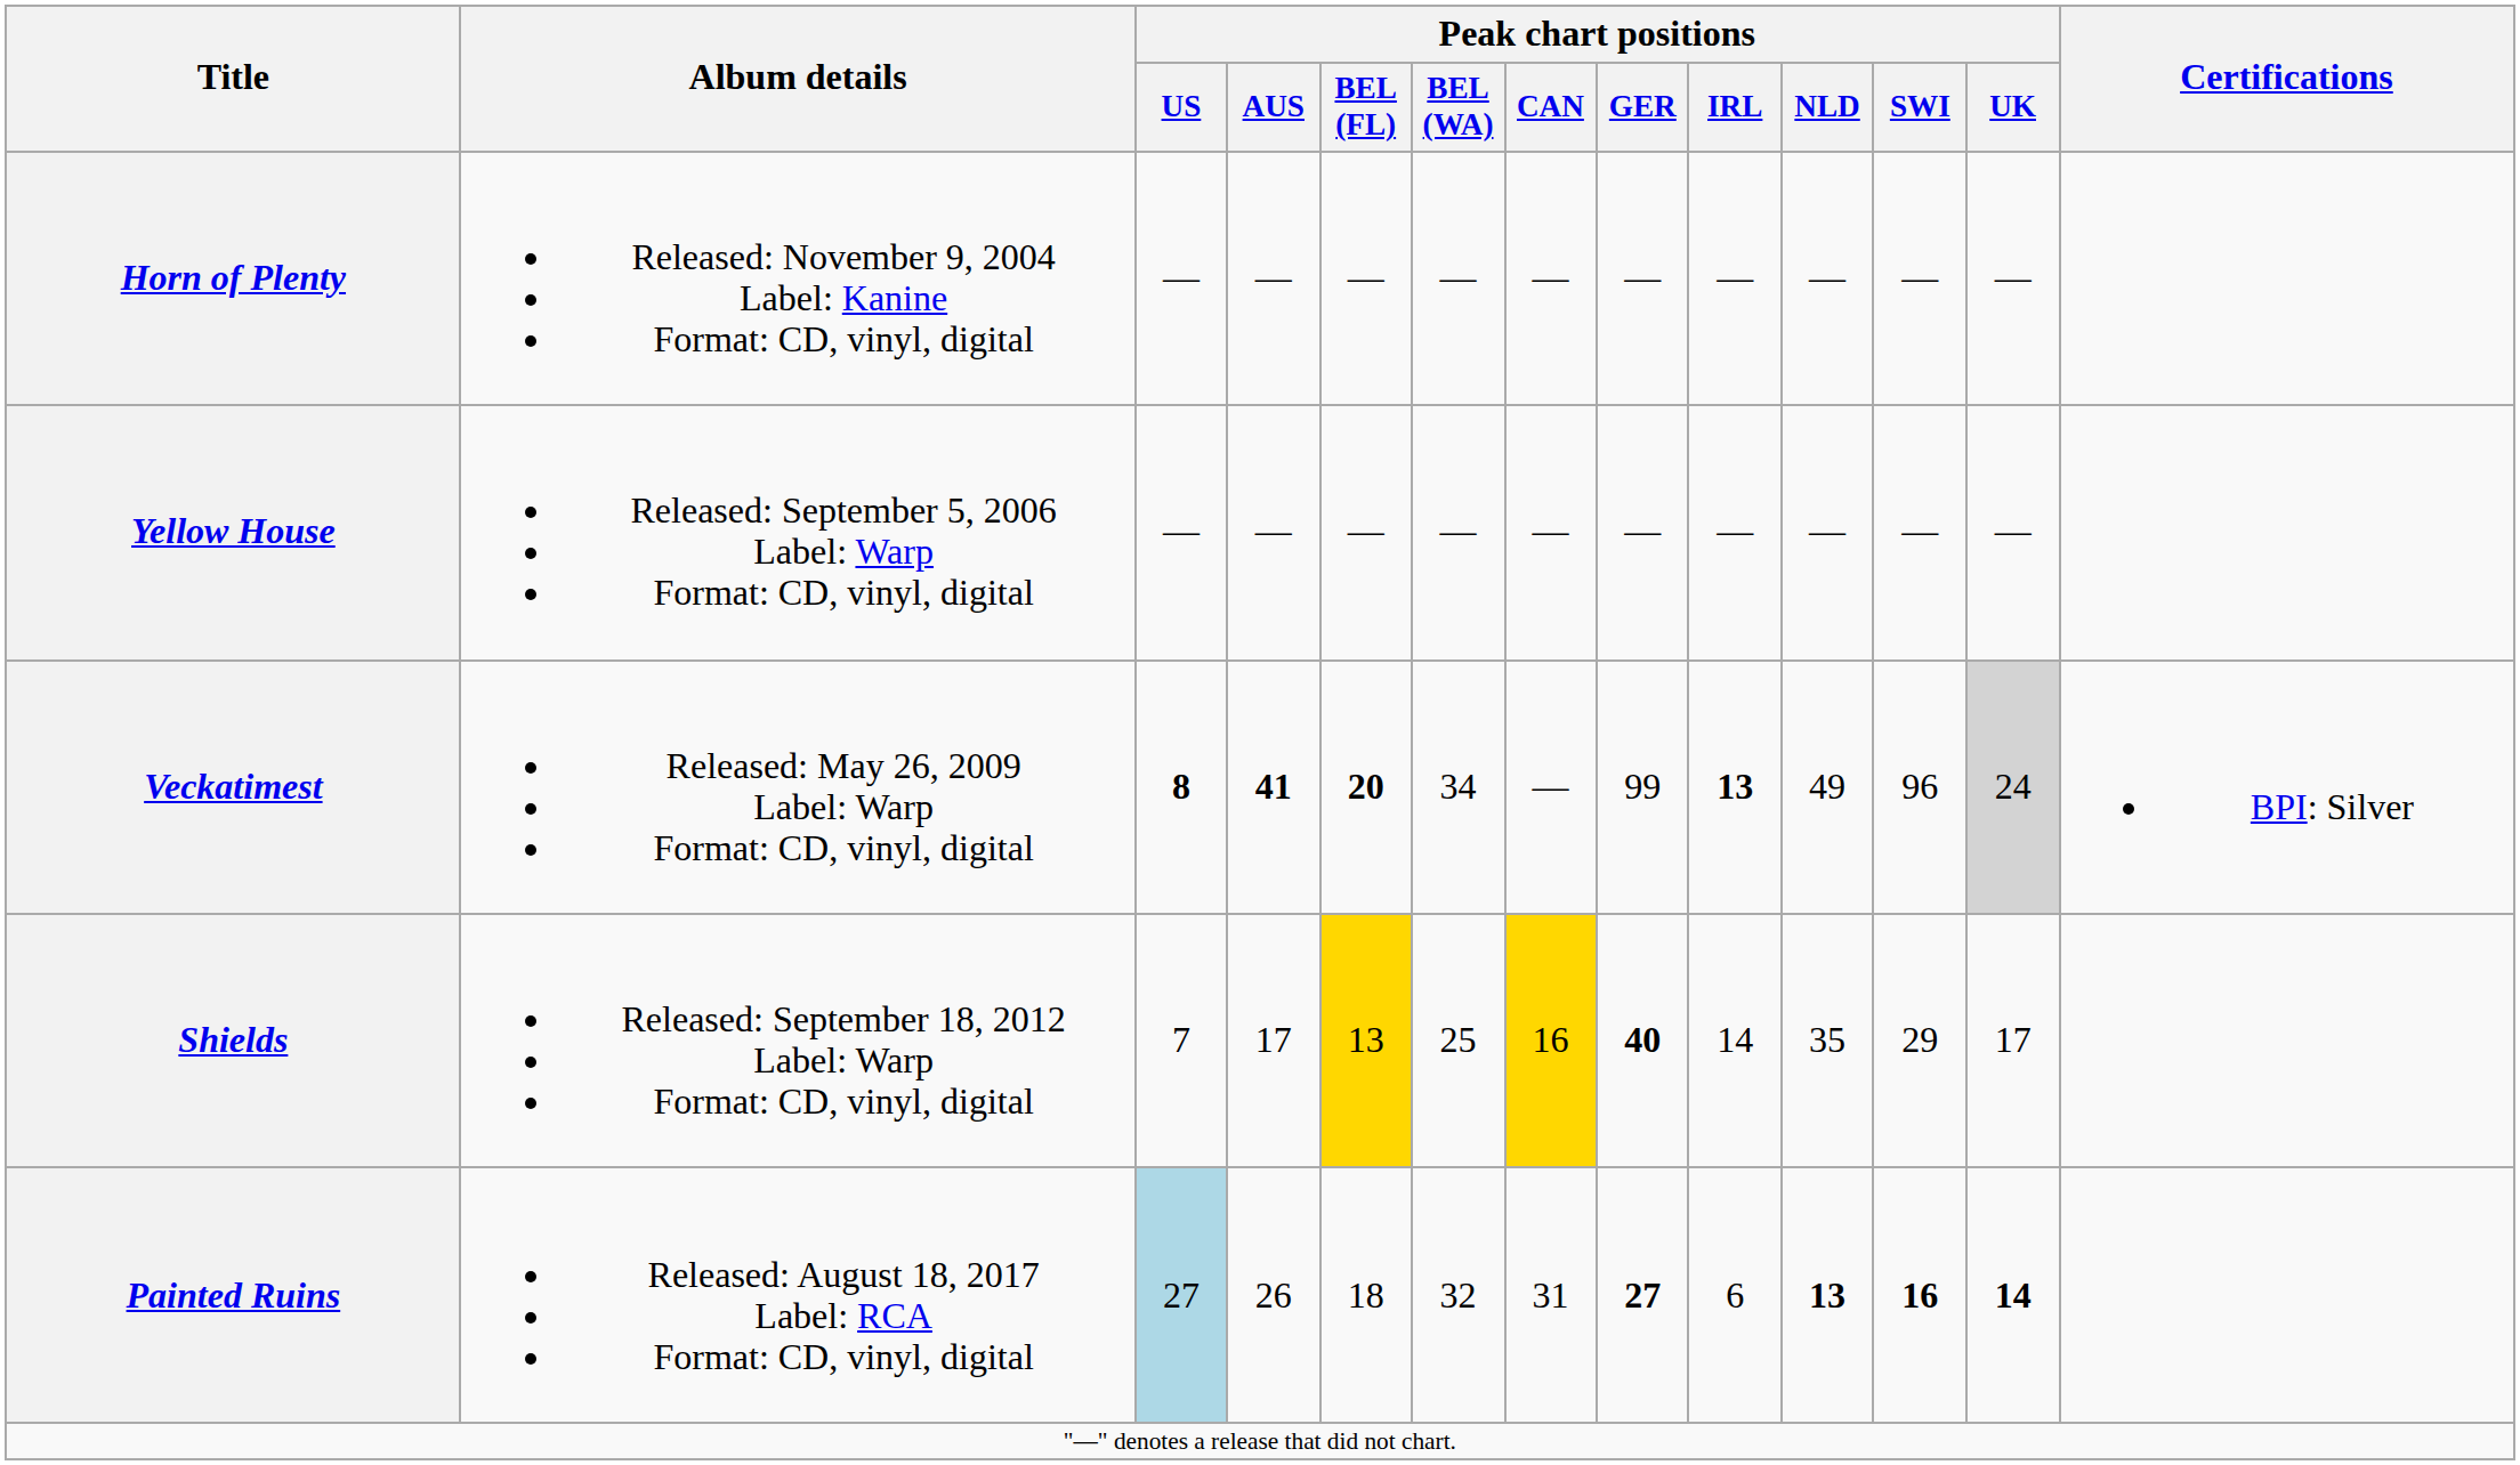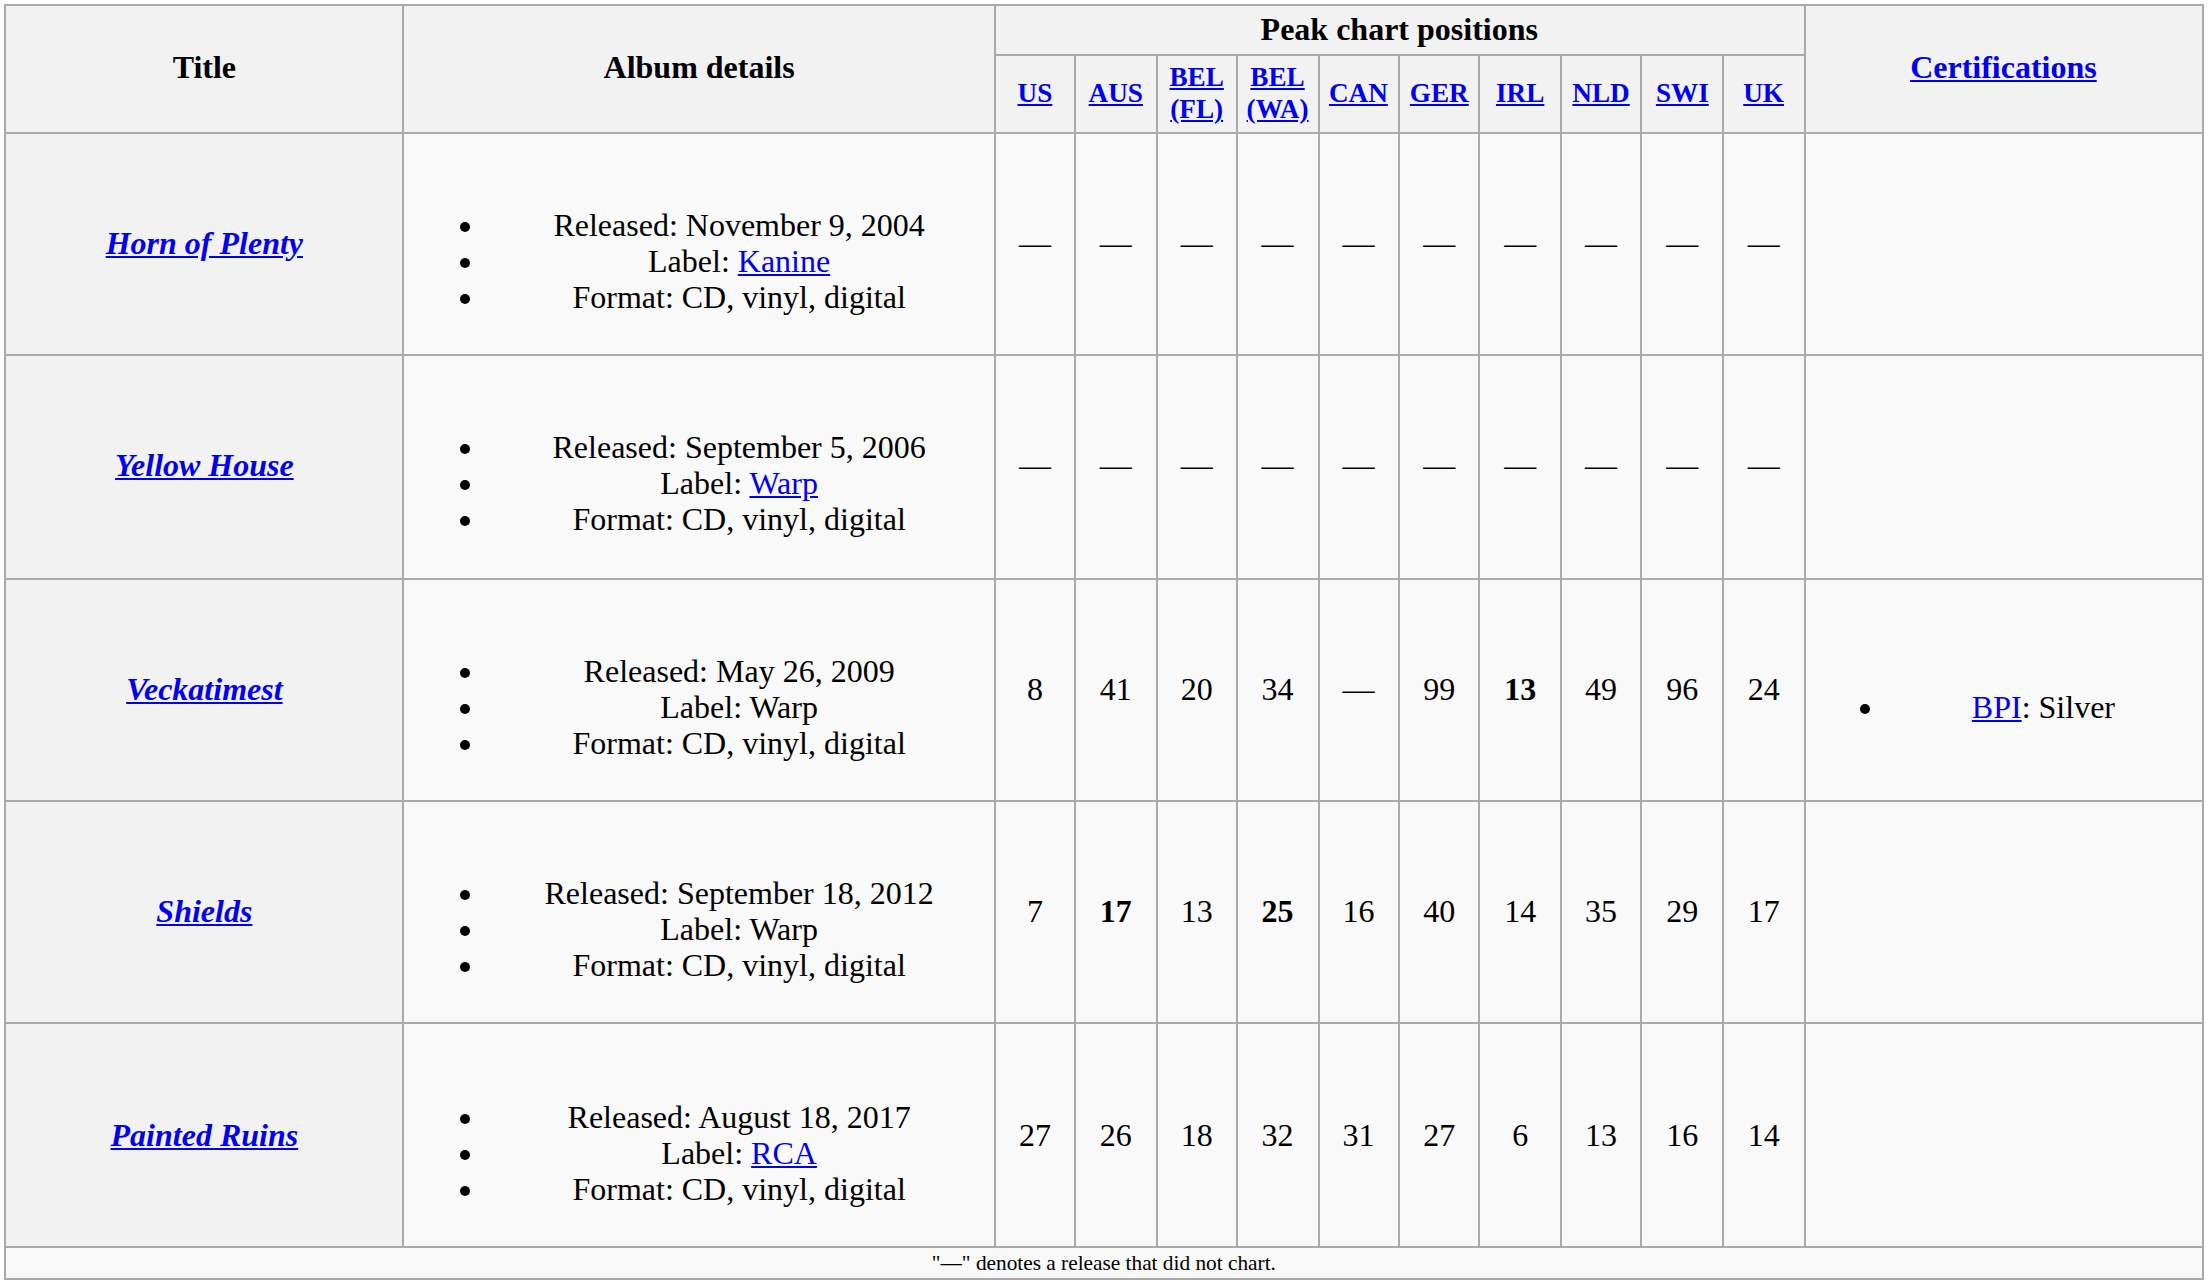 <table class="wikitable plainrowheaders" style="text-align:center;">
 <tr>
 <th scope="col" rowspan="2" style="width:12em;">Title</th>
 <th scope="col" rowspan="2" style="width:18em;">Album details</th>
 <th scope="col" colspan="10">Peak chart positions</th>
 <th scope="col" rowspan="2" style="width:12em;"><a href='#'>Certifications</a></th>
 </tr>
 <tr>
 <th style="width:2.5em;font-size:85%"><a href='#'>US</a><br></th>
 <th style="width:2.5em;font-size:85%;"><a href='#'>AUS</a><br></th>
 <th style="width:2.5em;font-size:85%;"><a href='#'>BEL<br>(FL)</a><br></th>
 <th style="width:2.5em;font-size:85%;"><a href='#'>BEL<br>(WA)</a><br></th>
 <th style="width:2.5em;font-size:85%;"><a href='#'>CAN</a><br></th>
 <th style="width:2.5em;font-size:85%;"><a href='#'>GER</a><br></th>
 <th style="width:2.5em;font-size:85%;"><a href='#'>IRL</a><br></th>
 <th style="width:2.5em;font-size:85%;"><a href='#'>NLD</a><br></th>
 <th style="width:2.53em;font-size:85%;"><a href='#'>SWI</a><br></th>
 <th style="width:2.5em;font-size:85%;"><a href='#'>UK</a><br></th>
 </tr>
 <tr>
 <th scope="row"><em><a href='#'>Horn of Plenty</a></em></th>
 <td><br><ul><li>Released: November 9, 2004</li><li>Label: <a href='#'>Kanine</a></li><li>Format: CD, vinyl, digital</li></ul></td>
 <td>—</td>
 <td>—</td>
 <td>—</td>
 <td>—</td>
 <td>—</td>
 <td>—</td>
 <td>—</td>
 <td>—</td>
 <td>—</td>
 <td>—</td>
 <td></td>
 </tr>
 <tr>
 <th scope="row"><em><a href='#'>Yellow House</a></em></th>
 <td><br><ul><li>Released: September 5, 2006</li><li>Label: <a href='#'>Warp</a></li><li>Format: CD, vinyl, digital</li></ul></td>
 <td>—</td>
 <td>—</td>
 <td>—</td>
 <td>—</td>
 <td>—</td>
 <td>—</td>
 <td>—</td>
 <td>—</td>
 <td>—</td>
 <td>—</td>
 <td></td>
 </tr>
 <tr>
 <th scope="row"><em><a href='#'>Veckatimest</a></em></th>
 <td><br><ul><li>Released: May 26, 2009</li><li>Label: Warp</li><li>Format: CD, vinyl, digital</li></ul></td>
-<td><strong>8</strong></td>
-<td><strong>41</strong></td>
-<td><strong>20</strong></td>
+<td>8</td>
+<td>41</td>
+<td>20</td>
 <td>34</td>
 <td>—</td>
 <td>99</td>
 <td><strong>13</strong></td>
 <td>49</td>
 <td>96</td>
-<td style="background: lightgrey;">24</td>
+<td>24</td>
 <td><br><ul><li><a href='#'>BPI</a>: Silver</li></ul></td>
 </tr>
 <tr>
 <th scope="row"><em><a href='#'>Shields</a></em></th>
 <td><br><ul><li>Released: September 18, 2012</li><li>Label: Warp</li><li>Format: CD, vinyl, digital</li></ul></td>
 <td>7</td>
-<td>17</td>
-<td style="background: gold;">13</td>
-<td>25</td>
-<td style="background: gold;">16</td>
-<td><strong>40</strong></td>
+<td><strong>17</strong></td>
+<td>13</td>
+<td><strong>25</strong></td>
+<td>16</td>
+<td>40</td>
 <td>14</td>
 <td>35</td>
 <td>29</td>
 <td>17</td>
 <td></td>
 </tr>
 <tr>
 <th scope="row"><em><a href='#'>Painted Ruins</a></em></th>
 <td><br><ul><li>Released: August 18, 2017</li><li>Label: <a href='#'>RCA</a></li><li>Format: CD, vinyl, digital</li></ul></td>
-<td style="background: lightblue;">27</td>
+<td>27</td>
 <td>26</td>
 <td>18</td>
 <td>32</td>
 <td>31</td>
-<td><strong>27</strong></td>
+<td>27</td>
 <td>6</td>
-<td><strong>13</strong></td>
-<td><strong>16</strong></td>
-<td><strong>14</strong></td>
+<td>13</td>
+<td>16</td>
+<td>14</td>
 <td></td>
 </tr>
 <tr>
 <td colspan="16" style="text-align:center; font-size:8pt;">"—" denotes a release that did not chart.</td>
 </tr>
 </table>
